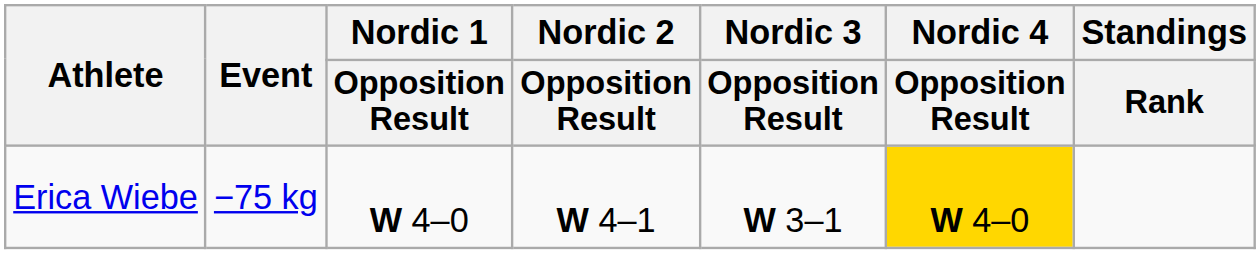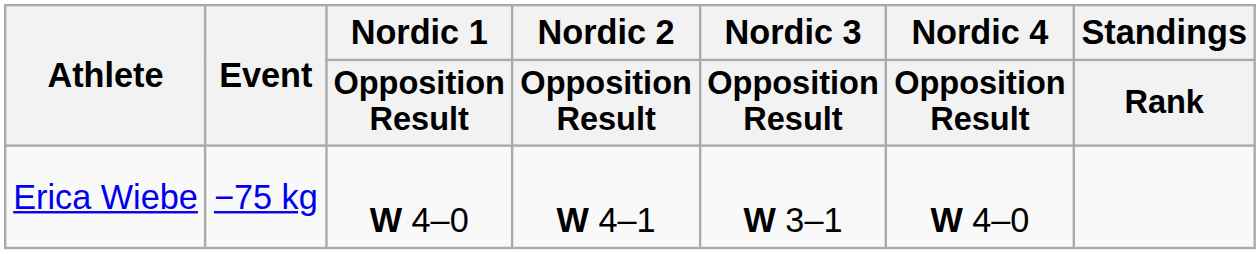 <table class="wikitable" style="font-size:90%">
 <tr>
 <th rowspan=2>Athlete</th>
 <th rowspan=2>Event</th>
 <th>Nordic 1</th>
 <th>Nordic 2</th>
 <th>Nordic 3</th>
 <th>Nordic 4</th>
 <th>Standings</th>
 </tr>
 <tr style="font-size: 95%">
 <th>Opposition<br>Result</th>
 <th>Opposition<br>Result</th>
 <th>Opposition<br>Result</th>
 <th>Opposition<br>Result</th>
 <th>Rank</th>
 </tr>
 <tr align=center>
 <td align=left><a href='#'>Erica Wiebe</a></td>
 <td align=left><a href='#'>−75 kg</a></td>
 <td><br><strong>W</strong> 4–0 <sup></sup></td>
 <td><br><strong>W</strong> 4–1 <sup></sup></td>
 <td><br><strong>W</strong> 3–1 <sup></sup></td>
-<td style="background: gold;"><br><strong>W</strong> 4–0 <sup></sup></td>
+<td><br><strong>W</strong> 4–0 <sup></sup></td>
 <td></td>
 </tr>
 </table>
